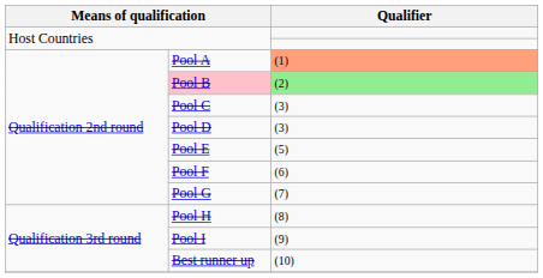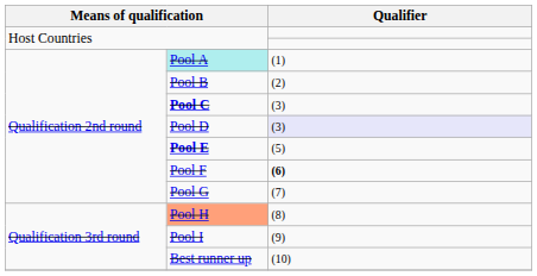 <table class="wikitable">
 <tr>
 <th colspan=2 width=30%>Means of qualification</th>
 <th width=30%>Qualifier</th>
 </tr>
 <tr>
 <td colspan=2 rowspan=2>Host Countries</td>
 <td></td>
 </tr>
 <tr>
 <td></td>
 </tr>
 <tr>
 <td rowspan=7><s><a href='#'>Qualification 2nd round</a></s></td>
-<td><s><a href='#'>Pool A</a></s></td>
-<td style="background: lightsalmon;"> <small>(1)</small></td>
+<td style="background: paleturquoise;"><s><a href='#'>Pool A</a></s></td>
+<td> <small>(1)</small></td>
 </tr>
 <tr>
-<td style="background: pink;"><s><a href='#'>Pool B</a></s></td>
-<td style="background: lightgreen;"> <small>(2)</small></td>
+<td><s><a href='#'>Pool B</a></s></td>
+<td> <small>(2)</small></td>
 </tr>
 <tr>
-<td><s><a href='#'>Pool C</a></s></td>
+<td><strong><s><a href='#'>Pool C</a></s></strong></td>
 <td> <small>(3)</small></td>
 </tr>
 <tr>
 <td><s><a href='#'>Pool D</a></s></td>
-<td> <small>(3)</small></td>
+<td style="background: lavender;"> <small>(3)</small></td>
 </tr>
 <tr>
-<td><s><a href='#'>Pool E</a></s></td>
+<td><strong><s><a href='#'>Pool E</a></s></strong></td>
 <td> <small>(5)</small></td>
 </tr>
 <tr>
 <td><s><a href='#'>Pool F</a></s></td>
-<td> <small>(6)</small></td>
+<td><strong> <small>(6)</small></strong></td>
 </tr>
 <tr>
 <td><s><a href='#'>Pool G</a></s></td>
 <td> <small>(7)</small></td>
 </tr>
 <tr>
 <td rowspan=3><s><a href='#'>Qualification 3rd round</a></s></td>
-<td><s><a href='#'>Pool H</a></s></td>
+<td style="background: lightsalmon;"><s><a href='#'>Pool H</a></s></td>
 <td> <small>(8)</small></td>
 </tr>
 <tr>
 <td><s><a href='#'>Pool I</a></s></td>
 <td> <small>(9)</small></td>
 </tr>
 <tr>
 <td><s><a href='#'>Best runner up</a></s></td>
 <td> <small>(10)</small></td>
 </tr>
 <tr>
 </tr>
 </table>
